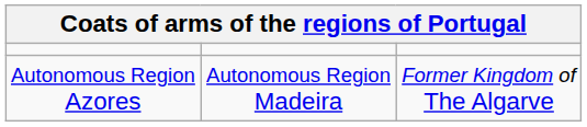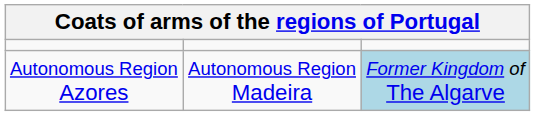 <table class="wikitable" style="margin:1em auto;">
 <tr>
 <th colspan=5>Coats of arms of the <a href='#'>regions of Portugal</a></th>
 </tr>
 <tr>
 <td align=center></td>
 <td align=center></td>
 <td align=center></td>
 </tr>
 <tr>
 <td align=center><small><a href='#'>Autonomous Region</a></small> <br><a href='#'>Azores</a></td>
 <td align=center><small><a href='#'>Autonomous Region</a></small> <br><a href='#'>Madeira</a></td>
-<td align=center><small><em><a href='#'>Former Kingdom</a> of</em></small><br><a href='#'>The Algarve</a></td>
+<td align=center style="background: lightblue;"><small><em><a href='#'>Former Kingdom</a> of</em></small><br><a href='#'>The Algarve</a></td>
 </tr>
 </table>
